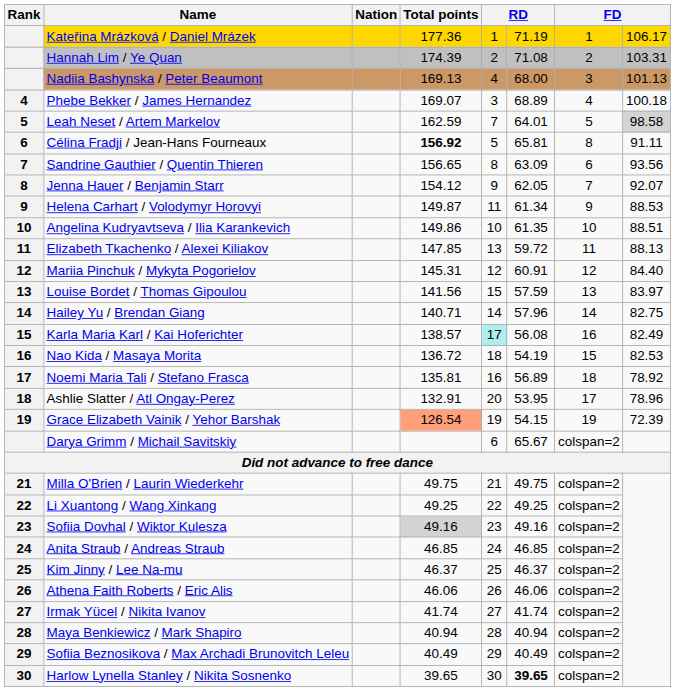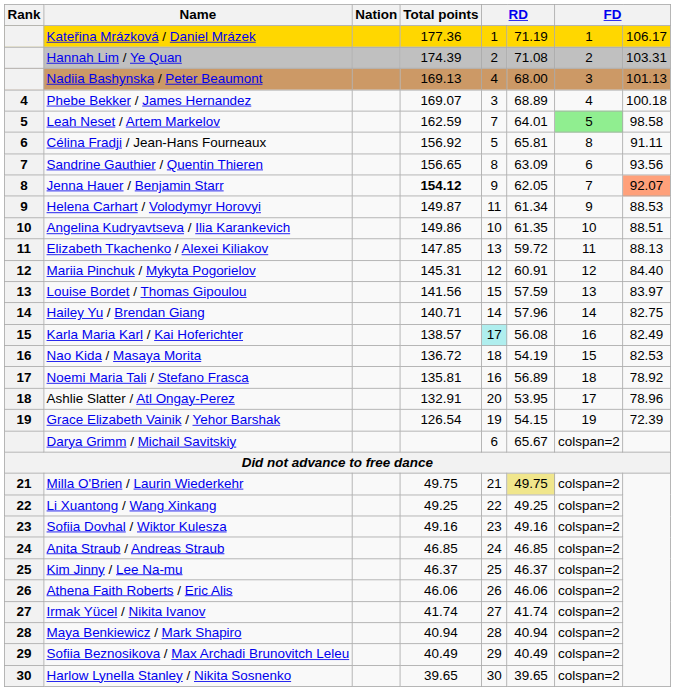 <table class="wikitable sortable" style="text-align:left;">
 <tr>
 <th scope="col">Rank</th>
 <th scope="col">Name</th>
 <th scope="col">Nation</th>
 <th scope="col">Total points</th>
 <th colspan="2" width="80px"><a href='#'>RD</a></th>
 <th colspan="2" width="80px"><a href='#'>FD</a></th>
 </tr>
 <tr bgcolor="gold">
 <th scope="row"><strong></strong></th>
 <td style="text-align:left"><a href='#'>Kateřina Mrázková</a> / <a href='#'>Daniel Mrázek</a></td>
 <td style="text-align:left"></td>
 <td align="center">177.36</td>
 <td align="center">1</td>
 <td align="center">71.19</td>
 <td align="center">1</td>
 <td align="center">106.17</td>
 </tr>
 <tr bgcolor="silver">
 <th scope="row"><strong></strong></th>
 <td style="text-align:left"><a href='#'>Hannah Lim</a> / <a href='#'>Ye Quan</a></td>
 <td style="text-align:left"></td>
 <td align="center">174.39</td>
 <td align="center">2</td>
 <td align="center">71.08</td>
 <td align="center">2</td>
 <td align="center">103.31</td>
 </tr>
 <tr bgcolor="#cc9966">
 <th scope="row"><strong></strong></th>
 <td style="text-align:left"><a href='#'>Nadiia Bashynska</a> / <a href='#'>Peter Beaumont</a></td>
 <td style="text-align:left"></td>
 <td align="center">169.13</td>
 <td align="center">4</td>
 <td align="center">68.00</td>
 <td align="center">3</td>
 <td align="center">101.13</td>
 </tr>
 <tr>
 <th scope="row">4</th>
 <td style="text-align:left"><a href='#'>Phebe Bekker</a> / <a href='#'>James Hernandez</a></td>
 <td style="text-align:left"></td>
 <td align="center">169.07</td>
 <td align="center">3</td>
 <td align="center">68.89</td>
 <td align="center">4</td>
 <td align="center">100.18</td>
 </tr>
 <tr>
 <th scope="row">5</th>
 <td style="text-align:left"><a href='#'>Leah Neset</a> / <a href='#'>Artem Markelov</a></td>
 <td style="text-align:left"></td>
 <td align="center">162.59</td>
 <td align="center">7</td>
 <td align="center">64.01</td>
-<td align="center">5</td>
-<td align="center" style="background: lightgrey;">98.58</td>
+<td align="center" style="background: lightgreen;">5</td>
+<td align="center">98.58</td>
 </tr>
 <tr>
 <th scope="row">6</th>
 <td style="text-align:left"><a href='#'>Célina Fradji</a> / Jean-Hans Fourneaux</td>
 <td style="text-align:left"></td>
-<td align="center"><strong>156.92</strong></td>
+<td align="center">156.92</td>
 <td align="center">5</td>
 <td align="center">65.81</td>
 <td align="center">8</td>
 <td align="center">91.11</td>
 </tr>
 <tr>
 <th scope="row">7</th>
 <td style="text-align:left"><a href='#'>Sandrine Gauthier</a> / <a href='#'>Quentin Thieren</a></td>
 <td style="text-align:left"></td>
 <td align="center">156.65</td>
 <td align="center">8</td>
 <td align="center">63.09</td>
 <td align="center">6</td>
 <td align="center">93.56</td>
 </tr>
 <tr>
 <th scope="row">8</th>
 <td style="text-align:left"><a href='#'>Jenna Hauer</a> / <a href='#'>Benjamin Starr</a></td>
 <td style="text-align:left"></td>
-<td align="center">154.12</td>
+<td align="center"><strong>154.12</strong></td>
 <td align="center">9</td>
 <td align="center">62.05</td>
 <td align="center">7</td>
-<td align="center">92.07</td>
+<td align="center" style="background: lightsalmon;">92.07</td>
 </tr>
 <tr>
 <th scope="row">9</th>
 <td style="text-align:left"><a href='#'>Helena Carhart</a> / <a href='#'>Volodymyr Horovyi</a></td>
 <td style="text-align:left"></td>
 <td align="center">149.87</td>
 <td align="center">11</td>
 <td align="center">61.34</td>
 <td align="center">9</td>
 <td align="center">88.53</td>
 </tr>
 <tr>
 <th scope="row">10</th>
 <td style="text-align:left"><a href='#'>Angelina Kudryavtseva</a> / <a href='#'>Ilia Karankevich</a></td>
 <td style="text-align:left"></td>
 <td align="center">149.86</td>
 <td align="center">10</td>
 <td align="center">61.35</td>
 <td align="center">10</td>
 <td align="center">88.51</td>
 </tr>
 <tr>
 <th scope="row">11</th>
 <td style="text-align:left"><a href='#'>Elizabeth Tkachenko</a> / <a href='#'>Alexei Kiliakov</a></td>
 <td style="text-align:left"></td>
 <td align="center">147.85</td>
 <td align="center">13</td>
 <td align="center">59.72</td>
 <td align="center">11</td>
 <td align="center">88.13</td>
 </tr>
 <tr>
 <th scope="row">12</th>
 <td style="text-align:left"><a href='#'>Mariia Pinchuk</a> / <a href='#'>Mykyta Pogorielov</a></td>
 <td style="text-align:left"></td>
 <td align="center">145.31</td>
 <td align="center">12</td>
 <td align="center">60.91</td>
 <td align="center">12</td>
 <td align="center">84.40</td>
 </tr>
 <tr>
 <th scope="row">13</th>
 <td style="text-align:left"><a href='#'>Louise Bordet</a> / <a href='#'>Thomas Gipoulou</a></td>
 <td style="text-align:left"></td>
 <td align="center">141.56</td>
 <td align="center">15</td>
 <td align="center">57.59</td>
 <td align="center">13</td>
 <td align="center">83.97</td>
 </tr>
 <tr>
 <th scope="row">14</th>
 <td style="text-align:left"><a href='#'>Hailey Yu</a> / <a href='#'>Brendan Giang</a></td>
 <td style="text-align:left"></td>
 <td align="center">140.71</td>
 <td align="center">14</td>
 <td align="center">57.96</td>
 <td align="center">14</td>
 <td align="center">82.75</td>
 </tr>
 <tr>
 <th scope="row">15</th>
 <td style="text-align:left"><a href='#'>Karla Maria Karl</a> / <a href='#'>Kai Hoferichter</a></td>
 <td style="text-align:left"></td>
 <td align="center">138.57</td>
 <td align="center" style="background: paleturquoise;">17</td>
 <td align="center">56.08</td>
 <td align="center">16</td>
 <td align="center">82.49</td>
 </tr>
 <tr>
 <th scope="row">16</th>
 <td style="text-align:left"><a href='#'>Nao Kida</a> / <a href='#'>Masaya Morita</a></td>
 <td style="text-align:left"></td>
 <td align="center">136.72</td>
 <td align="center">18</td>
 <td align="center">54.19</td>
 <td align="center">15</td>
 <td align="center">82.53</td>
 </tr>
 <tr>
 <th scope="row">17</th>
 <td style="text-align:left"><a href='#'>Noemi Maria Tali</a> / <a href='#'>Stefano Frasca</a></td>
 <td style="text-align:left"></td>
 <td align="center">135.81</td>
 <td align="center">16</td>
 <td align="center">56.89</td>
 <td align="center">18</td>
 <td align="center">78.92</td>
 </tr>
 <tr>
 <th scope="row">18</th>
 <td style="text-align:left">Ashlie Slatter / <a href='#'>Atl Ongay-Perez</a></td>
 <td style="text-align:left"></td>
 <td align="center">132.91</td>
 <td align="center">20</td>
 <td align="center">53.95</td>
 <td align="center">17</td>
 <td align="center">78.96</td>
 </tr>
 <tr>
 <th scope="row">19</th>
 <td style="text-align:left"><a href='#'>Grace Elizabeth Vainik</a> / <a href='#'>Yehor Barshak</a></td>
 <td style="text-align:left"></td>
-<td align="center" style="background: lightsalmon;">126.54</td>
+<td align="center">126.54</td>
 <td align="center">19</td>
 <td align="center">54.15</td>
 <td align="center">19</td>
 <td align="center">72.39</td>
 </tr>
 <tr>
 <th scope="row"></th>
 <td style="text-align:left"><a href='#'>Darya Grimm</a> / <a href='#'>Michail Savitskiy</a></td>
 <td style="text-align:left"></td>
 <td></td>
 <td align="center">6</td>
 <td align="center">65.67</td>
 <td>colspan=2 </td>
 </tr>
 <tr>
 <th colspan=8><em>Did not advance to free dance</em></th>
 </tr>
 <tr>
 <th scope="row">21</th>
 <td style="text-align:left"><a href='#'>Milla O'Brien</a> / <a href='#'>Laurin Wiederkehr</a></td>
 <td style="text-align:left"></td>
 <td align="center">49.75</td>
 <td align="center">21</td>
-<td align="center">49.75</td>
+<td align="center" style="background: khaki;">49.75</td>
 <td>colspan=2 </td>
 </tr>
 <tr>
 <th scope="row">22</th>
 <td style="text-align:left"><a href='#'>Li Xuantong</a> / <a href='#'>Wang Xinkang</a></td>
 <td style="text-align:left"></td>
 <td align="center">49.25</td>
 <td align="center">22</td>
 <td align="center">49.25</td>
 <td>colspan=2 </td>
 </tr>
 <tr>
 <th scope="row">23</th>
 <td style="text-align:left"><a href='#'>Sofiia Dovhal</a> / <a href='#'>Wiktor Kulesza</a></td>
 <td style="text-align:left"></td>
-<td align="center" style="background: lightgrey;">49.16</td>
+<td align="center">49.16</td>
 <td align="center">23</td>
 <td align="center">49.16</td>
 <td>colspan=2 </td>
 </tr>
 <tr>
 <th scope="row">24</th>
 <td style="text-align:left"><a href='#'>Anita Straub</a> / <a href='#'>Andreas Straub</a></td>
 <td style="text-align:left"></td>
 <td align="center">46.85</td>
 <td align="center">24</td>
 <td align="center">46.85</td>
 <td>colspan=2 </td>
 </tr>
 <tr>
 <th scope="row">25</th>
 <td style="text-align:left"><a href='#'>Kim Jinny</a> / <a href='#'>Lee Na-mu</a></td>
 <td style="text-align:left"></td>
 <td align="center">46.37</td>
 <td align="center">25</td>
 <td align="center">46.37</td>
 <td>colspan=2 </td>
 </tr>
 <tr>
 <th scope="row">26</th>
 <td style="text-align:left"><a href='#'>Athena Faith Roberts</a> / <a href='#'>Eric Alis</a></td>
 <td style="text-align:left"></td>
 <td align="center">46.06</td>
 <td align="center">26</td>
 <td align="center">46.06</td>
 <td>colspan=2 </td>
 </tr>
 <tr>
 <th scope="row">27</th>
 <td style="text-align:left"><a href='#'>Irmak Yücel</a> / <a href='#'>Nikita Ivanov</a></td>
 <td style="text-align:left"></td>
 <td align="center">41.74</td>
 <td align="center">27</td>
 <td align="center">41.74</td>
 <td>colspan=2 </td>
 </tr>
 <tr>
 <th scope="row">28</th>
 <td style="text-align:left"><a href='#'>Maya Benkiewicz</a> / <a href='#'>Mark Shapiro</a></td>
 <td style="text-align:left"></td>
 <td align="center">40.94</td>
 <td align="center">28</td>
 <td align="center">40.94</td>
 <td>colspan=2 </td>
 </tr>
 <tr>
 <th scope="row">29</th>
 <td style="text-align:left"><a href='#'>Sofiia Beznosikova</a> / <a href='#'>Max Archadi Brunovitch Leleu</a></td>
 <td style="text-align:left"></td>
 <td align="center">40.49</td>
 <td align="center">29</td>
 <td align="center">40.49</td>
 <td>colspan=2 </td>
 </tr>
 <tr>
 <th scope="row">30</th>
 <td style="text-align:left"><a href='#'>Harlow Lynella Stanley</a> / <a href='#'>Nikita Sosnenko</a></td>
 <td style="text-align:left"></td>
 <td align="center">39.65</td>
 <td align="center">30</td>
-<td align="center"><strong>39.65</strong></td>
+<td align="center">39.65</td>
 <td>colspan=2 </td>
 </tr>
 </table>
